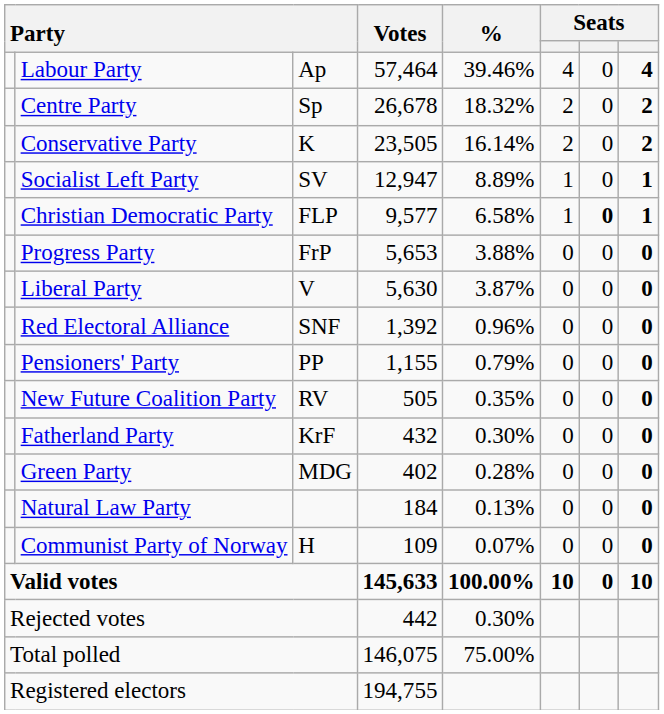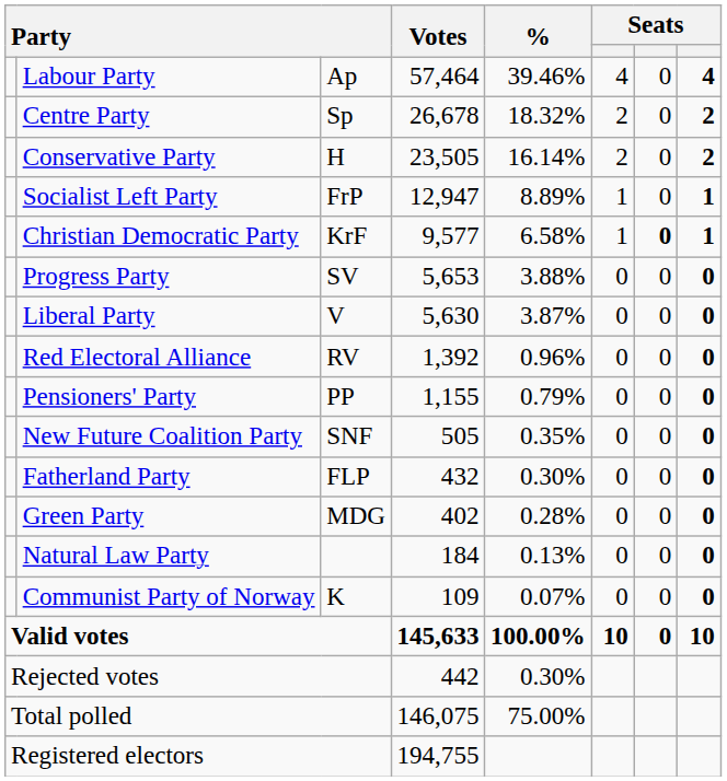 <table class="wikitable" border="1" style="text-align:right;">
 <tr>
 <th style="text-align:left;" valign=bottom rowspan=2 colspan=3>Party</th>
 <th align=center valign=bottom rowspan=2 width="50">Votes</th>
 <th align=center valign=bottom rowspan=2 width="50">%</th>
 <th colspan=3>Seats</th>
 </tr>
 <tr>
 <th align=center valign=bottom width="20"><small></small></th>
 <th align=center valign=bottom width="20"><small><a href='#'></a></small></th>
 <th align=center valign=bottom width="20"><small></small></th>
 </tr>
 <tr>
 <td style="color:inherit;background:"></td>
 <td align=left><a href='#'>Labour Party</a></td>
 <td align=left>Ap</td>
 <td>57,464</td>
 <td>39.46%</td>
 <td>4</td>
 <td>0</td>
 <td><strong>4</strong></td>
 </tr>
 <tr>
 <td style="color:inherit;background:"></td>
 <td align=left><a href='#'>Centre Party</a></td>
 <td align=left>Sp</td>
 <td>26,678</td>
 <td>18.32%</td>
 <td>2</td>
 <td>0</td>
 <td><strong>2</strong></td>
 </tr>
 <tr>
 <td style="color:inherit;background:"></td>
 <td align=left><a href='#'>Conservative Party</a></td>
-<td align=left>K</td>
+<td align=left>H</td>
 <td>23,505</td>
 <td>16.14%</td>
 <td>2</td>
 <td>0</td>
 <td><strong>2</strong></td>
 </tr>
 <tr>
 <td style="color:inherit;background:"></td>
 <td align=left><a href='#'>Socialist Left Party</a></td>
-<td align=left>SV</td>
+<td align=left>FrP</td>
 <td>12,947</td>
 <td>8.89%</td>
 <td>1</td>
 <td>0</td>
 <td><strong>1</strong></td>
 </tr>
 <tr>
 <td style="color:inherit;background:"></td>
 <td align=left><a href='#'>Christian Democratic Party</a></td>
-<td align=left>FLP</td>
+<td align=left>KrF</td>
 <td>9,577</td>
 <td>6.58%</td>
 <td>1</td>
 <td><strong>0</strong></td>
 <td><strong>1</strong></td>
 </tr>
 <tr>
 <td style="color:inherit;background:"></td>
 <td align=left><a href='#'>Progress Party</a></td>
-<td align=left>FrP</td>
+<td align=left>SV</td>
 <td>5,653</td>
 <td>3.88%</td>
 <td>0</td>
 <td>0</td>
 <td><strong>0</strong></td>
 </tr>
 <tr>
 <td style="color:inherit;background:"></td>
 <td align=left><a href='#'>Liberal Party</a></td>
 <td align=left>V</td>
 <td>5,630</td>
 <td>3.87%</td>
 <td>0</td>
 <td>0</td>
 <td><strong>0</strong></td>
 </tr>
 <tr>
 <td style="color:inherit;background:"></td>
 <td align=left><a href='#'>Red Electoral Alliance</a></td>
-<td align=left>SNF</td>
+<td align=left>RV</td>
 <td>1,392</td>
 <td>0.96%</td>
 <td>0</td>
 <td>0</td>
 <td><strong>0</strong></td>
 </tr>
 <tr>
 <td style="color:inherit;background:"></td>
 <td align=left><a href='#'>Pensioners' Party</a></td>
 <td align=left>PP</td>
 <td>1,155</td>
 <td>0.79%</td>
 <td>0</td>
 <td>0</td>
 <td><strong>0</strong></td>
 </tr>
 <tr>
 <td style="color:inherit;background:"></td>
 <td align=left><a href='#'>New Future Coalition Party</a></td>
-<td align=left>RV</td>
+<td align=left>SNF</td>
 <td>505</td>
 <td>0.35%</td>
 <td>0</td>
 <td>0</td>
 <td><strong>0</strong></td>
 </tr>
 <tr>
 <td style="color:inherit;background:"></td>
 <td align=left><a href='#'>Fatherland Party</a></td>
-<td align=left>KrF</td>
+<td align=left>FLP</td>
 <td>432</td>
 <td>0.30%</td>
 <td>0</td>
 <td>0</td>
 <td><strong>0</strong></td>
 </tr>
 <tr>
 <td style="color:inherit;background:"></td>
 <td align=left><a href='#'>Green Party</a></td>
 <td align=left>MDG</td>
 <td>402</td>
 <td>0.28%</td>
 <td>0</td>
 <td>0</td>
 <td><strong>0</strong></td>
 </tr>
 <tr>
 <td></td>
 <td align=left><a href='#'>Natural Law Party</a></td>
 <td align=left></td>
 <td>184</td>
 <td>0.13%</td>
 <td>0</td>
 <td>0</td>
 <td><strong>0</strong></td>
 </tr>
 <tr>
 <td style="color:inherit;background:"></td>
 <td align=left><a href='#'>Communist Party of Norway</a></td>
-<td align=left>H</td>
+<td align=left>K</td>
 <td>109</td>
 <td>0.07%</td>
 <td>0</td>
 <td>0</td>
 <td><strong>0</strong></td>
 </tr>
 <tr style="font-weight:bold">
 <td align=left colspan=3>Valid votes</td>
 <td>145,633</td>
 <td>100.00%</td>
 <td>10</td>
 <td>0</td>
 <td>10</td>
 </tr>
 <tr>
 <td align=left colspan=3>Rejected votes</td>
 <td>442</td>
 <td>0.30%</td>
 <td></td>
 <td></td>
 <td></td>
 </tr>
 <tr>
 <td align=left colspan=3>Total polled</td>
 <td>146,075</td>
 <td>75.00%</td>
 <td></td>
 <td></td>
 <td></td>
 </tr>
 <tr>
 <td align=left colspan=3>Registered electors</td>
 <td>194,755</td>
 <td></td>
 <td></td>
 <td></td>
 <td></td>
 </tr>
 </table>
